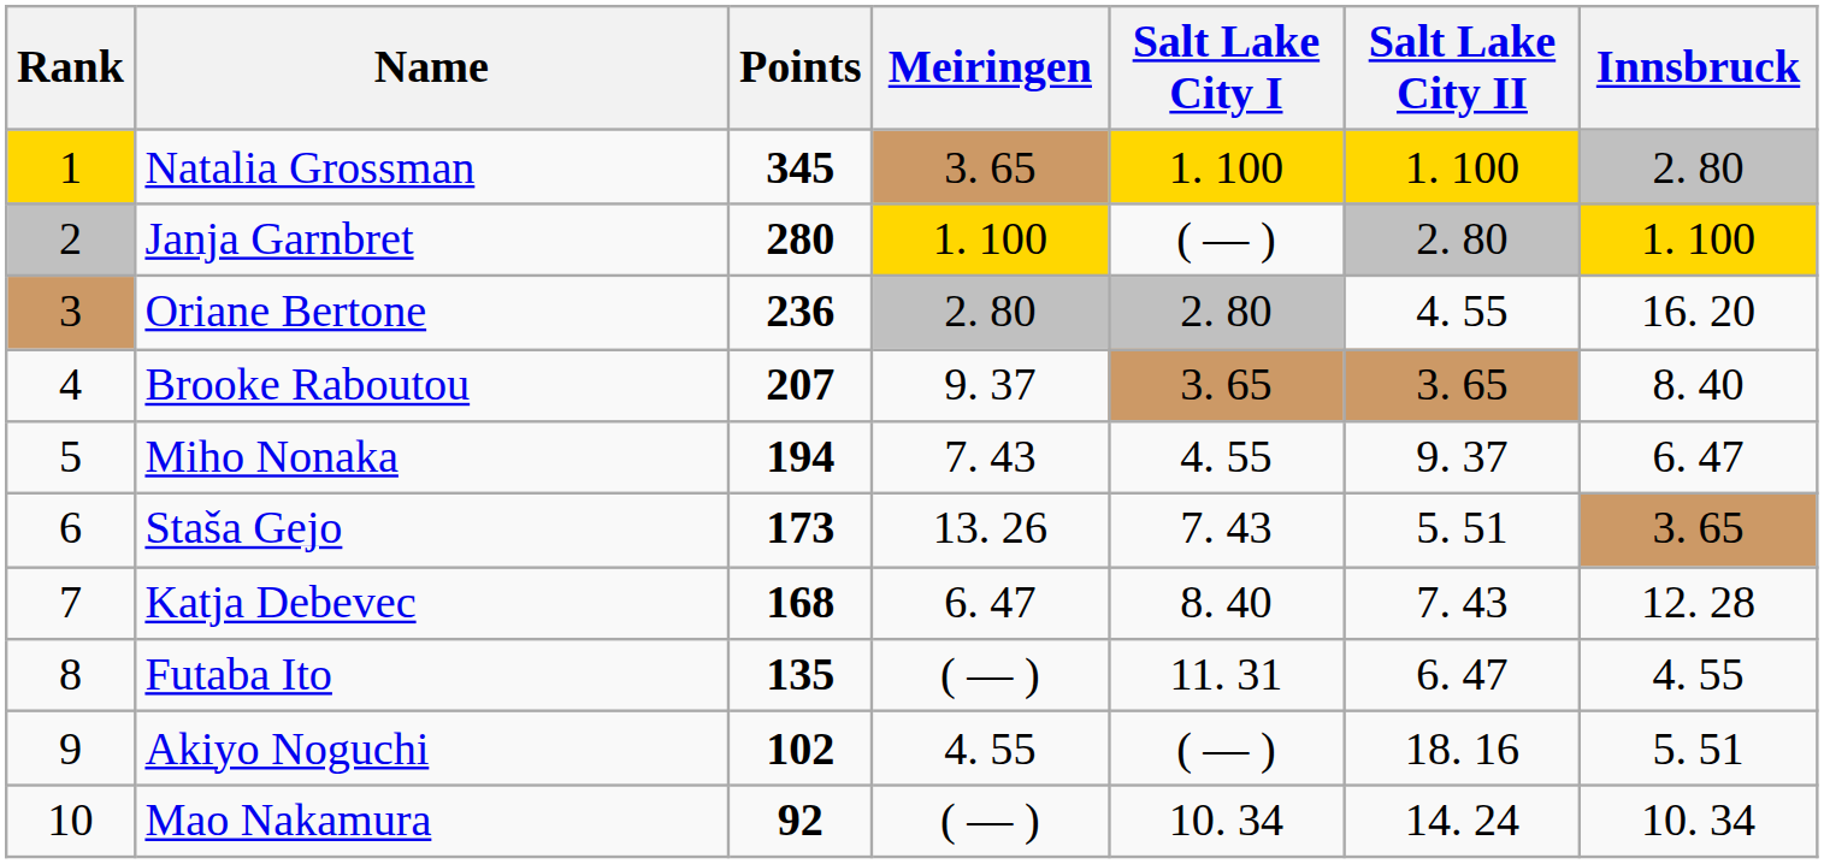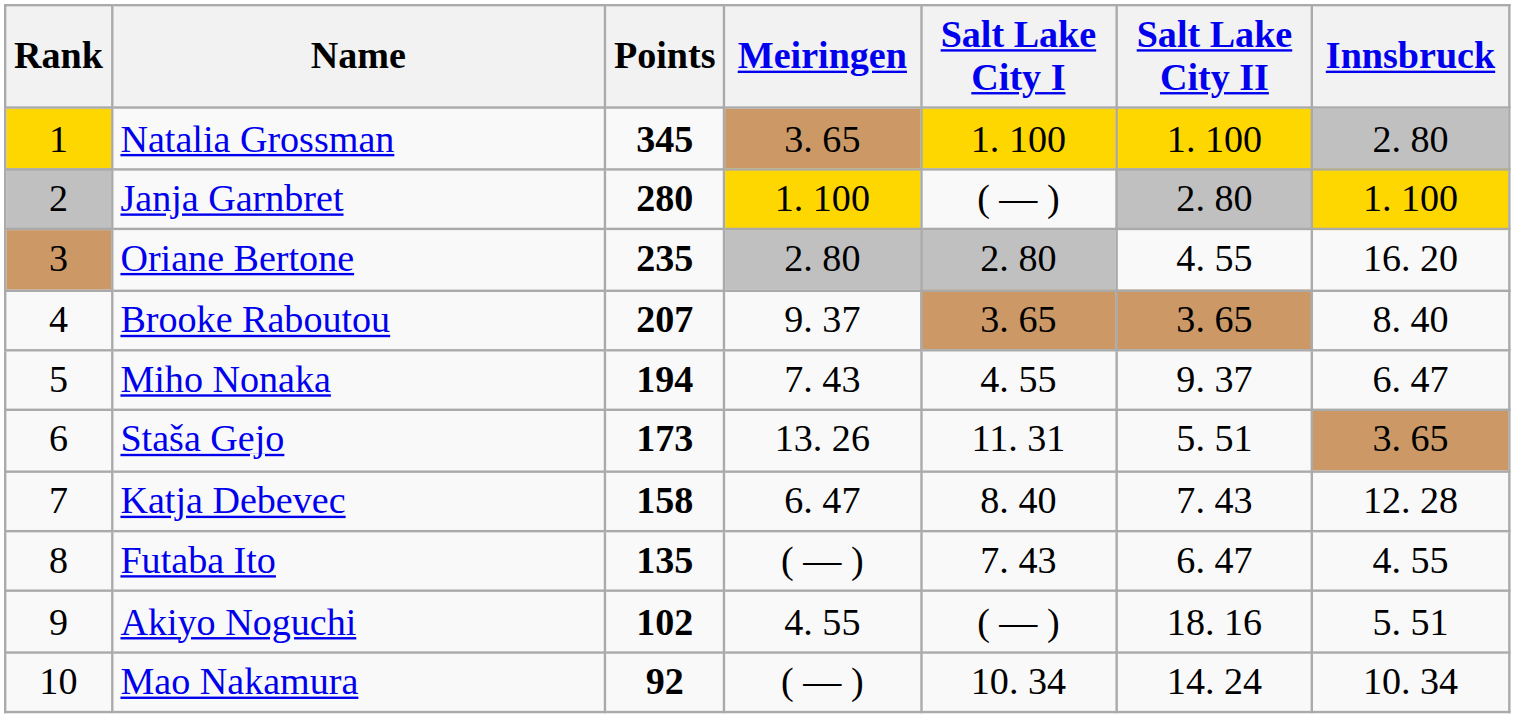 <table class="wikitable sortable">
 <tr>
 <th>Rank</th>
 <th width = "200">Name</th>
 <th>Points</th>
 <th width = "75" data-sort-type="number"><a href='#'>Meiringen</a></th>
 <th width = "75" data-sort-type="number"><a href='#'>Salt Lake City I</a></th>
 <th width = "75" data-sort-type="number"><a href='#'>Salt Lake City II</a></th>
 <th width = "75" data-sort-type="number"><a href='#'>Innsbruck</a></th>
 </tr>
 <tr>
 <td align="center" style="background: gold">1</td>
 <td> <a href='#'>Natalia Grossman</a></td>
 <td align="center"><strong>345</strong></td>
 <td align="center" style="background: #cc9966">3. 65</td>
 <td align="center" style="background: gold">1. 100</td>
 <td align="center" style="background: gold">1. 100</td>
 <td align="center" style="background: silver">2. 80</td>
 </tr>
 <tr>
 <td align="center" style="background: silver">2</td>
 <td> <a href='#'>Janja Garnbret</a></td>
 <td align="center"><strong>280</strong></td>
 <td align="center" style="background: gold">1. 100</td>
 <td align="center">( — )</td>
 <td align="center" style="background: silver">2. 80</td>
 <td align="center" style="background: gold">1. 100</td>
 </tr>
 <tr>
 <td align="center" style="background: #cc9966">3</td>
 <td> <a href='#'>Oriane Bertone</a></td>
-<td align="center"><strong>236</strong></td>
+<td align="center"><strong>235</strong></td>
 <td align="center" style="background: silver">2. 80</td>
 <td align="center" style="background: silver">2. 80</td>
 <td align="center">4. 55</td>
 <td align="center">16. 20</td>
 </tr>
 <tr>
 <td align="center">4</td>
 <td> <a href='#'>Brooke Raboutou</a></td>
 <td align="center"><strong>207</strong></td>
 <td align="center">9. 37</td>
 <td align="center" style="background: #cc9966">3. 65</td>
 <td align="center" style="background: #cc9966">3. 65</td>
 <td align="center">8. 40</td>
 </tr>
 <tr>
 <td align="center">5</td>
 <td> <a href='#'>Miho Nonaka</a></td>
 <td align="center"><strong>194</strong></td>
 <td align="center">7. 43</td>
 <td align="center">4. 55</td>
 <td align="center">9. 37</td>
 <td align="center">6. 47</td>
 </tr>
 <tr>
 <td align="center">6</td>
 <td> <a href='#'>Staša Gejo</a></td>
 <td align="center"><strong>173</strong></td>
 <td align="center">13. 26</td>
-<td align="center">7. 43</td>
+<td align="center">11. 31</td>
 <td align="center">5. 51</td>
 <td align="center" style="background: #cc9966">3. 65</td>
 </tr>
 <tr>
 <td align="center">7</td>
 <td> <a href='#'>Katja Debevec</a></td>
-<td align="center"><strong>168</strong></td>
+<td align="center"><strong>158</strong></td>
 <td align="center">6. 47</td>
 <td align="center">8. 40</td>
 <td align="center">7. 43</td>
 <td align="center">12. 28</td>
 </tr>
 <tr>
 <td align="center">8</td>
 <td> <a href='#'>Futaba Ito</a></td>
 <td align="center"><strong>135</strong></td>
 <td align="center">( — )</td>
-<td align="center">11. 31</td>
+<td align="center">7. 43</td>
 <td align="center">6. 47</td>
 <td align="center">4. 55</td>
 </tr>
 <tr>
 <td align="center">9</td>
 <td> <a href='#'>Akiyo Noguchi</a></td>
 <td align="center"><strong>102</strong></td>
 <td align="center">4. 55</td>
 <td align="center">( — )</td>
 <td align="center">18. 16</td>
 <td align="center">5. 51</td>
 </tr>
 <tr>
 <td align="center">10</td>
 <td> <a href='#'>Mao Nakamura</a></td>
 <td align="center"><strong>92</strong></td>
 <td align="center">( — )</td>
 <td align="center">10. 34</td>
 <td align="center">14. 24</td>
 <td align="center">10. 34</td>
 </tr>
 </table>
